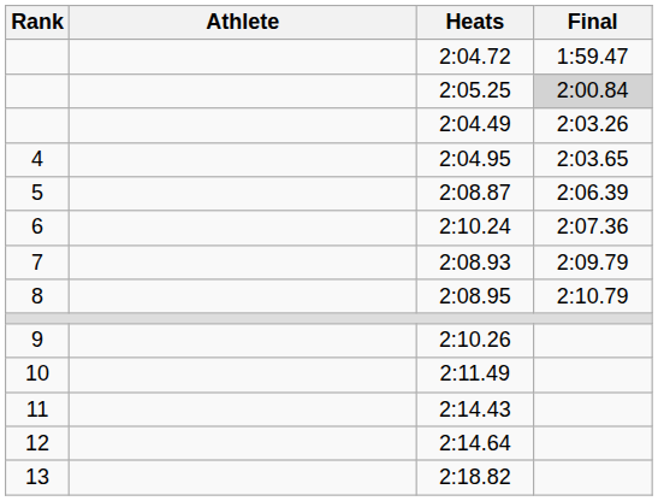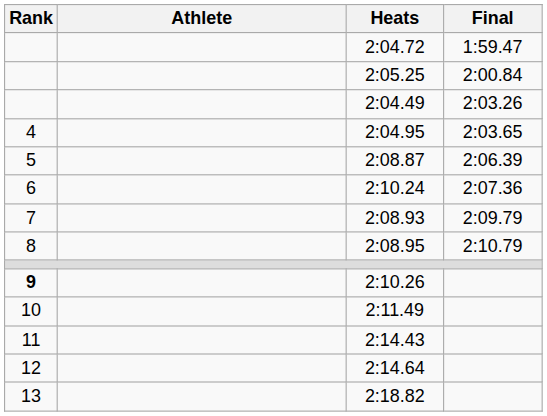 <table class=wikitable style="text-align:center">
 <tr>
 <th width=40>Rank</th>
 <th width=250>Athlete</th>
 <th width=80>Heats</th>
 <th width=80>Final</th>
 </tr>
 <tr>
 <td></td>
 <td align=left></td>
 <td>2:04.72</td>
 <td>1:59.47</td>
 </tr>
 <tr>
 <td></td>
 <td align=left></td>
 <td>2:05.25</td>
-<td style="background: lightgrey;">2:00.84</td>
+<td>2:00.84</td>
 </tr>
 <tr>
 <td></td>
 <td align=left></td>
 <td>2:04.49</td>
 <td>2:03.26</td>
 </tr>
 <tr>
 <td>4</td>
 <td align=left></td>
 <td>2:04.95</td>
 <td>2:03.65</td>
 </tr>
 <tr>
 <td>5</td>
 <td align=left></td>
 <td>2:08.87</td>
 <td>2:06.39</td>
 </tr>
 <tr>
 <td>6</td>
 <td align=left></td>
 <td>2:10.24</td>
 <td>2:07.36</td>
 </tr>
 <tr>
 <td>7</td>
 <td align=left></td>
 <td>2:08.93</td>
 <td>2:09.79</td>
 </tr>
 <tr>
 <td>8</td>
 <td align=left></td>
 <td>2:08.95</td>
 <td>2:10.79</td>
 </tr>
 <tr bgcolor=#DDDDDD>
 <td colspan=4></td>
 </tr>
 <tr>
-<td>9</td>
+<td><strong>9</strong></td>
 <td align=left></td>
 <td>2:10.26</td>
 <td></td>
 </tr>
 <tr>
 <td>10</td>
 <td align=left></td>
 <td>2:11.49</td>
 <td></td>
 </tr>
 <tr>
 <td>11</td>
 <td align=left></td>
 <td>2:14.43</td>
 <td></td>
 </tr>
 <tr>
 <td>12</td>
 <td align=left></td>
 <td>2:14.64</td>
 <td></td>
 </tr>
 <tr>
 <td>13</td>
 <td align=left></td>
 <td>2:18.82</td>
 <td></td>
 </tr>
 </table>
